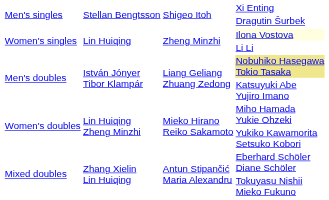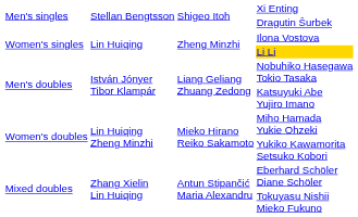 <table>
 <tr>
 <td rowspan=2><a href='#'>Men's singles</a></td>
 <td rowspan=2> <a href='#'>Stellan Bengtsson</a></td>
 <td rowspan=2> <a href='#'>Shigeo Itoh</a></td>
 <td> <a href='#'>Xi Enting</a></td>
 </tr>
 <tr>
 <td> <a href='#'>Dragutin Šurbek</a></td>
 </tr>
 <tr>
 <td rowspan=2><a href='#'>Women's singles</a></td>
 <td rowspan=2> <a href='#'>Lin Huiqing</a></td>
 <td rowspan=2> <a href='#'>Zheng Minzhi</a></td>
-<td style="background: lightyellow;"> <a href='#'>Ilona Vostova</a></td>
+<td> <a href='#'>Ilona Vostova</a></td>
 </tr>
 <tr>
-<td> <a href='#'>Li Li</a></td>
+<td style="background: gold;"> <a href='#'>Li Li</a></td>
 </tr>
 <tr>
 <td rowspan=2><a href='#'>Men's doubles</a></td>
 <td rowspan=2> <a href='#'>István Jónyer</a><br> <a href='#'>Tibor Klampár</a></td>
 <td rowspan=2> <a href='#'>Liang Geliang</a><br> <a href='#'>Zhuang Zedong</a></td>
-<td style="background: khaki;"> <a href='#'>Nobuhiko Hasegawa</a><br> <a href='#'>Tokio Tasaka</a></td>
+<td> <a href='#'>Nobuhiko Hasegawa</a><br> <a href='#'>Tokio Tasaka</a></td>
 </tr>
 <tr>
 <td> <a href='#'>Katsuyuki Abe</a><br> <a href='#'>Yujiro Imano</a></td>
 </tr>
 <tr>
 <td rowspan=2><a href='#'>Women's doubles</a></td>
 <td rowspan=2> <a href='#'>Lin Huiqing</a><br> <a href='#'>Zheng Minzhi</a></td>
 <td rowspan=2> <a href='#'>Mieko Hirano</a><br> <a href='#'>Reiko Sakamoto</a></td>
 <td> <a href='#'>Miho Hamada</a><br> <a href='#'>Yukie Ohzeki</a></td>
 </tr>
 <tr>
 <td> <a href='#'>Yukiko Kawamorita</a><br> <a href='#'>Setsuko Kobori</a></td>
 </tr>
 <tr>
 <td rowspan=2><a href='#'>Mixed doubles</a></td>
 <td rowspan=2> <a href='#'>Zhang Xielin</a><br> <a href='#'>Lin Huiqing</a></td>
 <td rowspan=2> <a href='#'>Antun Stipančić</a><br> <a href='#'>Maria Alexandru</a></td>
 <td> <a href='#'>Eberhard Schöler</a><br> <a href='#'>Diane Schöler</a></td>
 </tr>
 <tr>
 <td> <a href='#'>Tokuyasu Nishii</a><br> <a href='#'>Mieko Fukuno</a></td>
 </tr>
 </table>
